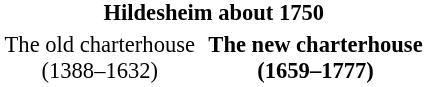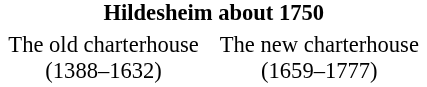 <table cellpadding="2" cellspacing="1" class="hintergrundfarbe5" style="float: right; width: 307px; margin-left: 1em;">
 <tr>
 <th colspan="3">Hildesheim about 1750</th>
 </tr>
 <tr class="hintergrundfarbe2" style="text-align: center;">
 <td>The old charterhouse<br>(1388–1632)<br></td>
-<td><strong>The new charterhouse<br>(1659–1777)<br></strong></td>
+<td>The new charterhouse<br>(1659–1777)<br></td>
 </tr>
 </table>
